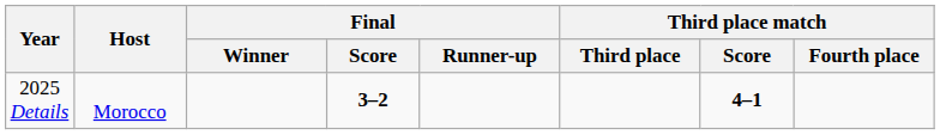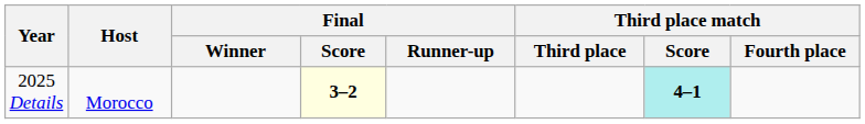 <table class="wikitable" style="font-size: 90%; text-align: center; width: 75%;">
 <tr>
 <th rowspan=2 width="5%">Year</th>
 <th rowspan=2 width="12%">Host</th>
 <th colspan=3>Final</th>
 <th colspan=3>Third place match</th>
 </tr>
 <tr>
 <th width="15%">Winner</th>
 <th width="10%">Score</th>
 <th width="15%">Runner-up</th>
 <th width="15%">Third place</th>
 <th width="10%">Score</th>
 <th width="15%">Fourth place</th>
 </tr>
 <tr>
 <td>2025<br><em><a href='#'>Details</a></em></td>
 <td><br><a href='#'>Morocco</a></td>
 <td><strong></strong></td>
-<td><strong>3–2</strong></td>
+<td style="background: lightyellow;"><strong>3–2</strong></td>
 <td></td>
 <td></td>
-<td><strong>4–1</strong></td>
+<td style="background: paleturquoise;"><strong>4–1</strong></td>
 <td></td>
 </tr>
 </table>
